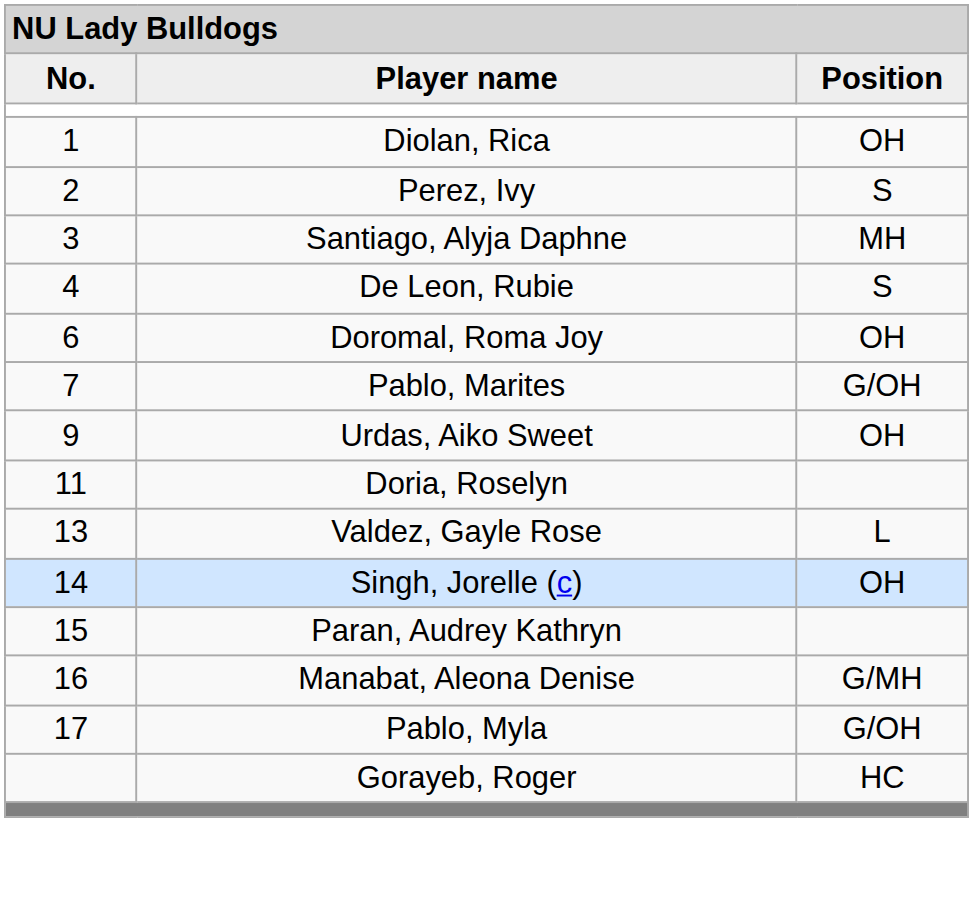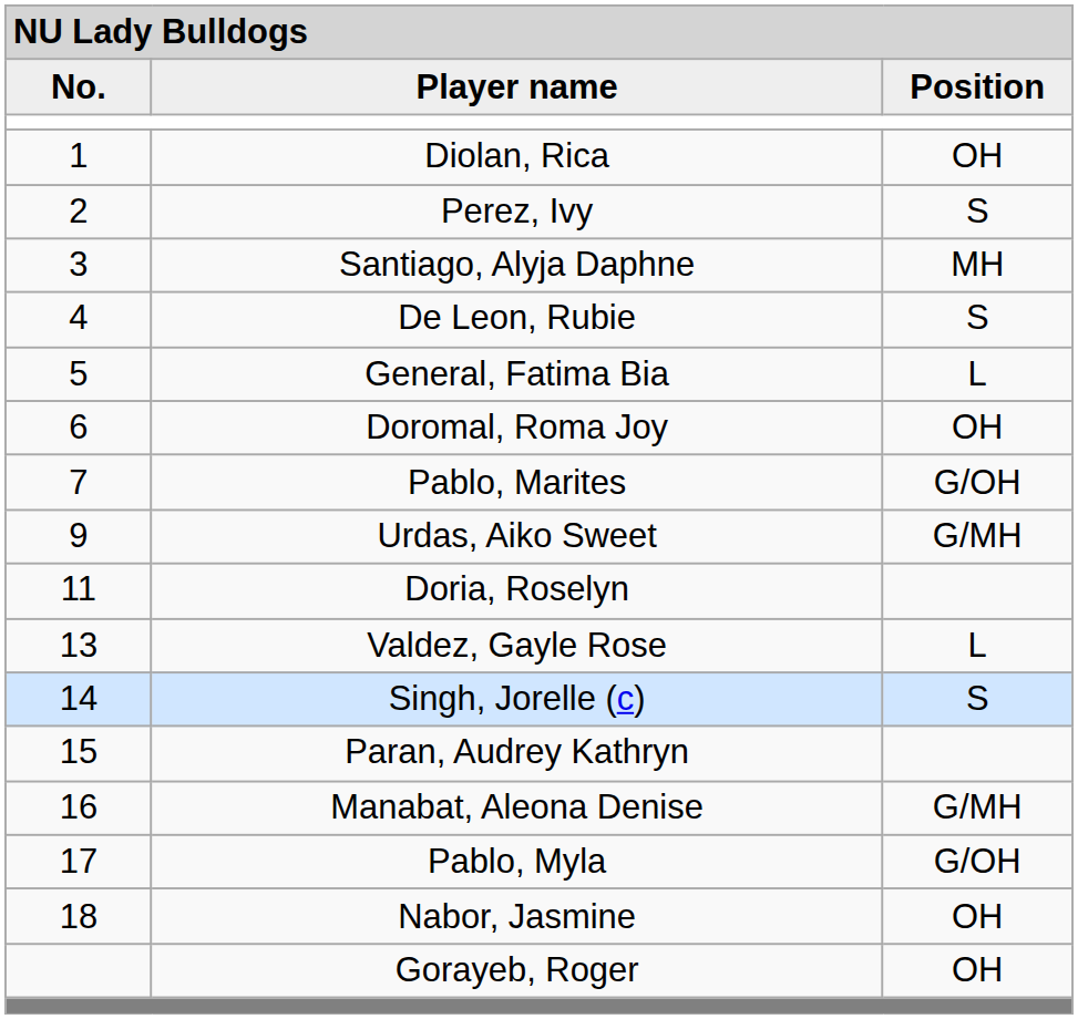 <table class='wikitable mw-collapsible mw-collapsed' style='text-align: center; width: 500px; border: none;'>
 <tr>
 <th style="background:#D4D4D4; text-align:left;" colspan=3> NU Lady Bulldogs</th>
 </tr>
 <tr style="background:#EEEEEE; font-weight:bold;">
 <td width=10%>No.</td>
 <td width=50%>Player name</td>
 <td width=10%>Position</td>
 </tr>
 <tr style="background:#FFFFFF;">
 <td colspan=3 align=center></td>
 </tr>
 <tr>
 <td align=center>1</td>
 <td>Diolan, Rica</td>
 <td align=center>OH</td>
 </tr>
 <tr>
 <td align=center>2</td>
 <td>Perez, Ivy</td>
 <td align=center>S</td>
 </tr>
 <tr>
 <td align=center>3</td>
 <td>Santiago, Alyja Daphne</td>
 <td align=center>MH</td>
 </tr>
 <tr>
 <td align=center>4</td>
 <td>De Leon, Rubie</td>
 <td align=center>S</td>
 </tr>
 <tr>
+<td align=center>5</td>
+<td>General, Fatima Bia</td>
+<td align=center>L</td>
+</tr>
+<tr>
 <td align=center>6</td>
 <td>Doromal, Roma Joy</td>
 <td align=center>OH</td>
 </tr>
 <tr>
 <td align=center>7</td>
 <td>Pablo, Marites</td>
 <td align=center>G/OH</td>
 </tr>
 <tr>
 <td align=center>9</td>
 <td>Urdas, Aiko Sweet</td>
-<td align=center>OH</td>
+<td align=center>G/MH</td>
 </tr>
 <tr>
 <td align=center>11</td>
 <td>Doria, Roselyn</td>
 <td align=center></td>
 </tr>
 <tr>
 <td align=center>13</td>
 <td>Valdez, Gayle Rose</td>
 <td align=center>L</td>
 </tr>
 <tr style="background: #D0E6FF;">
 <td align=center>14</td>
 <td>Singh, Jorelle (<a href='#'>c</a>)</td>
-<td align=center>OH</td>
+<td align=center>S</td>
 </tr>
 <tr>
 <td align=center>15</td>
 <td>Paran, Audrey Kathryn</td>
 <td align=center></td>
 </tr>
 <tr>
 <td align=center>16</td>
 <td>Manabat, Aleona Denise</td>
 <td align=center>G/MH</td>
 </tr>
 <tr>
 <td align=center>17</td>
 <td>Pablo, Myla</td>
 <td align=center>G/OH</td>
 </tr>
 <tr>
+<td align=center>18</td>
+<td>Nabor, Jasmine</td>
+<td align=center>OH</td>
+</tr>
+<tr>
 <td align=center></td>
 <td>Gorayeb, Roger</td>
-<td align=center>HC</td>
+<td align=center>OH</td>
 </tr>
 <tr>
 <th style='background: grey;' colspan=3></th>
 </tr>
 </table>
